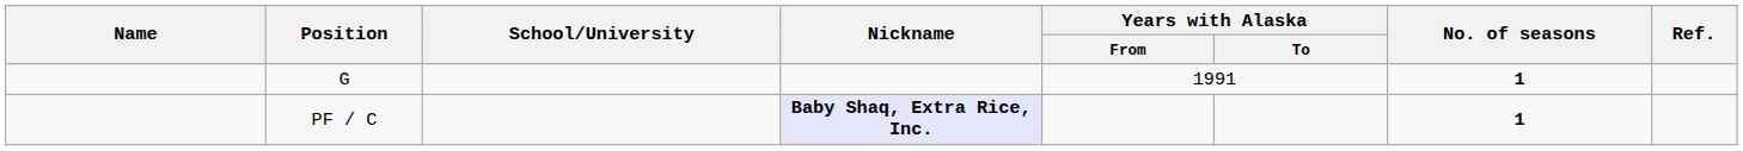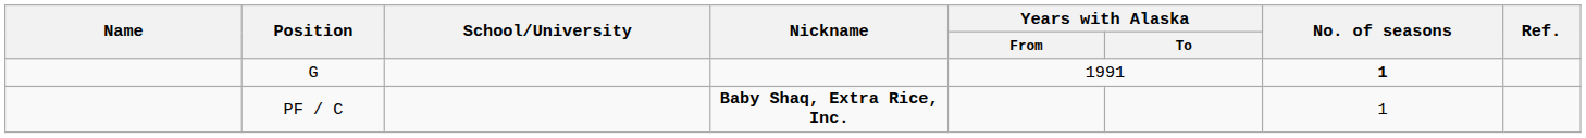 <table class="wikitable sortable" style="text-align:center" width="98%">
 <tr>
 <th style="width:180px;" rowspan="2">Name</th>
 <th rowspan="2">Position</th>
 <th style="width:250px;" rowspan="2">School/University</th>
 <th style="width:180px;" rowspan="2">Nickname</th>
 <th style="width:180px; text-align:center;" colspan="2">Years with Alaska</th>
 <th rowspan="2">No. of seasons</th>
 <th rowspan="2"; class=unsortable>Ref.</th>
 </tr>
 <tr>
 <th style="width:10%; text-align:center;"><small>From</small></th>
 <th style="width:10%; text-align:center;"><small>To</small></th>
 </tr>
 <tr>
 <td></td>
 <td>G</td>
 <td></td>
 <td></td>
 <td colspan="2">1991</td>
 <td><strong>1</strong></td>
 <td></td>
 </tr>
 <tr>
 <td></td>
 <td>PF / C</td>
 <td></td>
-<td style="background: lavender;"><strong>Baby Shaq, Extra Rice, Inc.</strong></td>
+<td><strong>Baby Shaq, Extra Rice, Inc.</strong></td>
 <td></td>
 <td></td>
-<td><strong>1</strong></td>
+<td>1</td>
 <td></td>
 </tr>
 </table>
